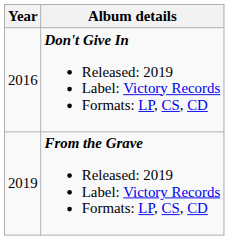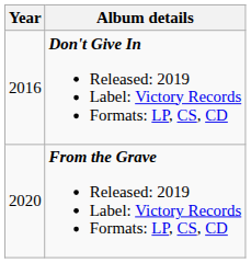 <table class ="wikitable">
 <tr>
 <th>Year</th>
 <th>Album details</th>
 </tr>
 <tr>
 <td>2016</td>
 <td><strong><em>Don't Give In</em></strong><br><ul><li>Released: 2019</li><li>Label: <a href='#'>Victory Records</a></li><li>Formats: <a href='#'>LP</a>, <a href='#'>CS</a>, <a href='#'>CD</a></li></ul></td>
 </tr>
 <tr>
-<td>2019</td>
+<td>2020</td>
 <td><strong><em>From the Grave</em></strong><br><ul><li>Released: 2019</li><li>Label: <a href='#'>Victory Records</a></li><li>Formats: <a href='#'>LP</a>, <a href='#'>CS</a>, <a href='#'>CD</a></li></ul></td>
 </tr>
 </table>
